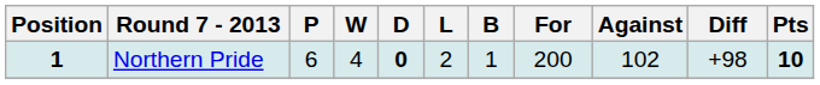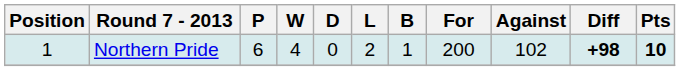 <table class="wikitable" style="text-align:center; font-size:85%;">
 <tr>
 <th width=40 abbr="Position">Position</th>
 <th width=100>Round 7 - 2013</th>
 <th width=20 abbr="Played">P</th>
 <th width=20 abbr="Won">W</th>
 <th width=20 abbr="Drawn">D</th>
 <th width=20 abbr="Lost">L</th>
 <th width=20 abbr="Bye">B</th>
 <th width=40 abbr="Points for">For</th>
 <th width=40 abbr="Points against">Against</th>
 <th width=40 abbr="Points difference">Diff</th>
 <th width=20 abbr="Points">Pts</th>
 </tr>
 <tr style="background: #d7ebed;">
-<td><strong>1</strong></td>
+<td>1</td>
 <td style="text-align:left;"> <a href='#'>Northern Pride</a></td>
 <td>6</td>
 <td>4</td>
-<td><strong>0</strong></td>
+<td>0</td>
 <td>2</td>
 <td>1</td>
 <td>200</td>
 <td>102</td>
-<td>+98</td>
+<td><strong>+98</strong></td>
 <td><strong>10</strong></td>
 </tr>
 <tr>
 </tr>
 </table>
